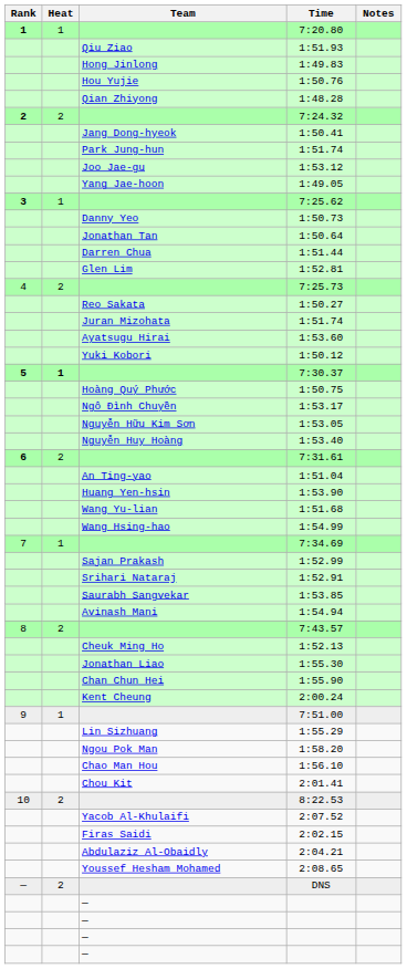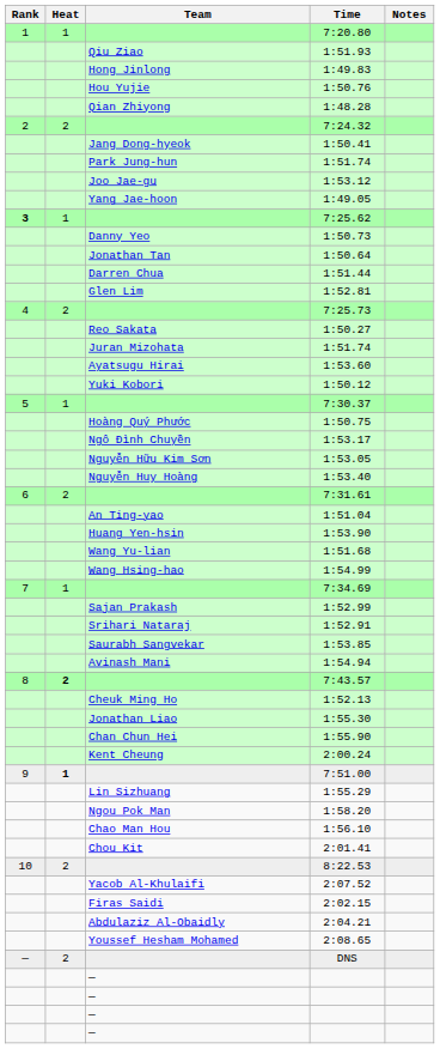 <table class="wikitable" style="text-align:center">
 <tr>
 <th width=40>Rank</th>
 <th width=40>Heat</th>
 <th width=250>Team</th>
 <th width=80>Time</th>
 <th width=50>Notes</th>
 </tr>
 <tr bgcolor="aaffaa">
-<td><strong>1</strong></td>
+<td>1</td>
 <td>1</td>
 <td align=left></td>
 <td>7:20.80</td>
 <td></td>
 </tr>
 <tr bgcolor="ccffcc">
 <td></td>
 <td></td>
 <td align=left><a href='#'>Qiu Ziao</a></td>
 <td>1:51.93</td>
 <td></td>
 </tr>
 <tr bgcolor="ccffcc">
 <td></td>
 <td></td>
 <td align=left><a href='#'>Hong Jinlong</a></td>
 <td>1:49.83</td>
 <td></td>
 </tr>
 <tr bgcolor="ccffcc">
 <td></td>
 <td></td>
 <td align=left><a href='#'>Hou Yujie</a></td>
 <td>1:50.76</td>
 <td></td>
 </tr>
 <tr bgcolor="ccffcc">
 <td></td>
 <td></td>
 <td align=left><a href='#'>Qian Zhiyong</a></td>
 <td>1:48.28</td>
 <td></td>
 </tr>
 <tr bgcolor="aaffaa">
-<td><strong>2</strong></td>
+<td>2</td>
 <td>2</td>
 <td align=left></td>
 <td>7:24.32</td>
 <td></td>
 </tr>
 <tr bgcolor="ccffcc">
 <td></td>
 <td></td>
 <td align=left><a href='#'>Jang Dong-hyeok</a></td>
 <td>1:50.41</td>
 <td></td>
 </tr>
 <tr bgcolor="ccffcc">
 <td></td>
 <td></td>
 <td align=left><a href='#'>Park Jung-hun</a></td>
 <td>1:51.74</td>
 <td></td>
 </tr>
 <tr bgcolor="ccffcc">
 <td></td>
 <td></td>
 <td align=left><a href='#'>Joo Jae-gu</a></td>
 <td>1:53.12</td>
 <td></td>
 </tr>
 <tr bgcolor="ccffcc">
 <td></td>
 <td></td>
 <td align=left><a href='#'>Yang Jae-hoon</a></td>
 <td>1:49.05</td>
 <td></td>
 </tr>
 <tr bgcolor="aaffaa">
 <td><strong>3</strong></td>
 <td>1</td>
 <td align=left></td>
 <td>7:25.62</td>
 <td></td>
 </tr>
 <tr bgcolor="ccffcc">
 <td></td>
 <td></td>
 <td align=left><a href='#'>Danny Yeo</a></td>
 <td>1:50.73</td>
 <td></td>
 </tr>
 <tr bgcolor="ccffcc">
 <td></td>
 <td></td>
 <td align=left><a href='#'>Jonathan Tan</a></td>
 <td>1:50.64</td>
 <td></td>
 </tr>
 <tr bgcolor="ccffcc">
 <td></td>
 <td></td>
 <td align=left><a href='#'>Darren Chua</a></td>
 <td>1:51.44</td>
 <td></td>
 </tr>
 <tr bgcolor="ccffcc">
 <td></td>
 <td></td>
 <td align=left><a href='#'>Glen Lim</a></td>
 <td>1:52.81</td>
 <td></td>
 </tr>
 <tr bgcolor="aaffaa">
 <td>4</td>
 <td>2</td>
 <td align=left></td>
 <td>7:25.73</td>
 <td></td>
 </tr>
 <tr bgcolor="ccffcc">
 <td></td>
 <td></td>
 <td align=left><a href='#'>Reo Sakata</a></td>
 <td>1:50.27</td>
 <td></td>
 </tr>
 <tr bgcolor="ccffcc">
 <td></td>
 <td></td>
 <td align=left><a href='#'>Juran Mizohata</a></td>
 <td>1:51.74</td>
 <td></td>
 </tr>
 <tr bgcolor="ccffcc">
 <td></td>
 <td></td>
 <td align=left><a href='#'>Ayatsugu Hirai</a></td>
 <td>1:53.60</td>
 <td></td>
 </tr>
 <tr bgcolor="ccffcc">
 <td></td>
 <td></td>
 <td align=left><a href='#'>Yuki Kobori</a></td>
 <td>1:50.12</td>
 <td></td>
 </tr>
 <tr bgcolor="aaffaa">
-<td><strong>5</strong></td>
-<td><strong>1</strong></td>
+<td>5</td>
+<td>1</td>
 <td align=left></td>
 <td>7:30.37</td>
 <td></td>
 </tr>
 <tr bgcolor="ccffcc">
 <td></td>
 <td></td>
 <td align=left><a href='#'>Hoàng Quý Phước</a></td>
 <td>1:50.75</td>
 <td></td>
 </tr>
 <tr bgcolor="ccffcc">
 <td></td>
 <td></td>
 <td align=left><a href='#'>Ngô Đình Chuyền</a></td>
 <td>1:53.17</td>
 <td></td>
 </tr>
 <tr bgcolor="ccffcc">
 <td></td>
 <td></td>
 <td align=left><a href='#'>Nguyễn Hữu Kim Sơn</a></td>
 <td>1:53.05</td>
 <td></td>
 </tr>
 <tr bgcolor="ccffcc">
 <td></td>
 <td></td>
 <td align=left><a href='#'>Nguyễn Huy Hoàng</a></td>
 <td>1:53.40</td>
 <td></td>
 </tr>
 <tr bgcolor="aaffaa">
-<td><strong>6</strong></td>
+<td>6</td>
 <td>2</td>
 <td align=left></td>
 <td>7:31.61</td>
 <td></td>
 </tr>
 <tr bgcolor="ccffcc">
 <td></td>
 <td></td>
 <td align=left><a href='#'>An Ting-yao</a></td>
 <td>1:51.04</td>
 <td></td>
 </tr>
 <tr bgcolor="ccffcc">
 <td></td>
 <td></td>
 <td align=left><a href='#'>Huang Yen-hsin</a></td>
 <td>1:53.90</td>
 <td></td>
 </tr>
 <tr bgcolor="ccffcc">
 <td></td>
 <td></td>
 <td align=left><a href='#'>Wang Yu-lian</a></td>
 <td>1:51.68</td>
 <td></td>
 </tr>
 <tr bgcolor="ccffcc">
 <td></td>
 <td></td>
 <td align=left><a href='#'>Wang Hsing-hao</a></td>
 <td>1:54.99</td>
 <td></td>
 </tr>
 <tr bgcolor="aaffaa">
 <td>7</td>
 <td>1</td>
 <td align=left></td>
 <td>7:34.69</td>
 <td></td>
 </tr>
 <tr bgcolor="ccffcc">
 <td></td>
 <td></td>
 <td align=left><a href='#'>Sajan Prakash</a></td>
 <td>1:52.99</td>
 <td></td>
 </tr>
 <tr bgcolor="ccffcc">
 <td></td>
 <td></td>
 <td align=left><a href='#'>Srihari Nataraj</a></td>
 <td>1:52.91</td>
 <td></td>
 </tr>
 <tr bgcolor="ccffcc">
 <td></td>
 <td></td>
 <td align=left><a href='#'>Saurabh Sangvekar</a></td>
 <td>1:53.85</td>
 <td></td>
 </tr>
 <tr bgcolor="ccffcc">
 <td></td>
 <td></td>
 <td align=left><a href='#'>Avinash Mani</a></td>
 <td>1:54.94</td>
 <td></td>
 </tr>
 <tr bgcolor="aaffaa">
 <td>8</td>
-<td>2</td>
+<td><strong>2</strong></td>
 <td align=left></td>
 <td>7:43.57</td>
 <td></td>
 </tr>
 <tr bgcolor="ccffcc">
 <td></td>
 <td></td>
 <td align=left><a href='#'>Cheuk Ming Ho</a></td>
 <td>1:52.13</td>
 <td></td>
 </tr>
 <tr bgcolor="ccffcc">
 <td></td>
 <td></td>
 <td align=left><a href='#'>Jonathan Liao</a></td>
 <td>1:55.30</td>
 <td></td>
 </tr>
 <tr bgcolor="ccffcc">
 <td></td>
 <td></td>
 <td align=left><a href='#'>Chan Chun Hei</a></td>
 <td>1:55.90</td>
 <td></td>
 </tr>
 <tr bgcolor="ccffcc">
 <td></td>
 <td></td>
 <td align=left><a href='#'>Kent Cheung</a></td>
 <td>2:00.24</td>
 <td></td>
 </tr>
 <tr bgcolor=eeeeee>
 <td>9</td>
-<td>1</td>
+<td><strong>1</strong></td>
 <td align=left></td>
 <td>7:51.00</td>
 <td></td>
 </tr>
 <tr>
 <td></td>
 <td></td>
 <td align=left><a href='#'>Lin Sizhuang</a></td>
 <td>1:55.29</td>
 <td></td>
 </tr>
 <tr>
 <td></td>
 <td></td>
 <td align=left><a href='#'>Ngou Pok Man</a></td>
 <td>1:58.20</td>
 <td></td>
 </tr>
 <tr>
 <td></td>
 <td></td>
 <td align=left><a href='#'>Chao Man Hou</a></td>
 <td>1:56.10</td>
 <td></td>
 </tr>
 <tr>
 <td></td>
 <td></td>
 <td align=left><a href='#'>Chou Kit</a></td>
 <td>2:01.41</td>
 <td></td>
 </tr>
 <tr bgcolor=eeeeee>
 <td>10</td>
 <td>2</td>
 <td align=left></td>
 <td>8:22.53</td>
 <td></td>
 </tr>
 <tr>
 <td></td>
 <td></td>
 <td align=left><a href='#'>Yacob Al-Khulaifi</a></td>
 <td>2:07.52</td>
 <td></td>
 </tr>
 <tr>
 <td></td>
 <td></td>
 <td align=left><a href='#'>Firas Saidi</a></td>
 <td>2:02.15</td>
 <td></td>
 </tr>
 <tr>
 <td></td>
 <td></td>
 <td align=left><a href='#'>Abdulaziz Al-Obaidly</a></td>
 <td>2:04.21</td>
 <td></td>
 </tr>
 <tr>
 <td></td>
 <td></td>
 <td align=left><a href='#'>Youssef Hesham Mohamed</a></td>
 <td>2:08.65</td>
 <td></td>
 </tr>
 <tr bgcolor=eeeeee>
 <td>—</td>
 <td>2</td>
 <td align=left></td>
 <td>DNS</td>
 <td></td>
 </tr>
 <tr>
 <td></td>
 <td></td>
 <td align=left>—</td>
 <td></td>
 <td></td>
 </tr>
 <tr>
 <td></td>
 <td></td>
 <td align=left>—</td>
 <td></td>
 <td></td>
 </tr>
 <tr>
 <td></td>
 <td></td>
 <td align=left>—</td>
 <td></td>
 <td></td>
 </tr>
 <tr>
 <td></td>
 <td></td>
 <td align=left>—</td>
 <td></td>
 <td></td>
 </tr>
 </table>
